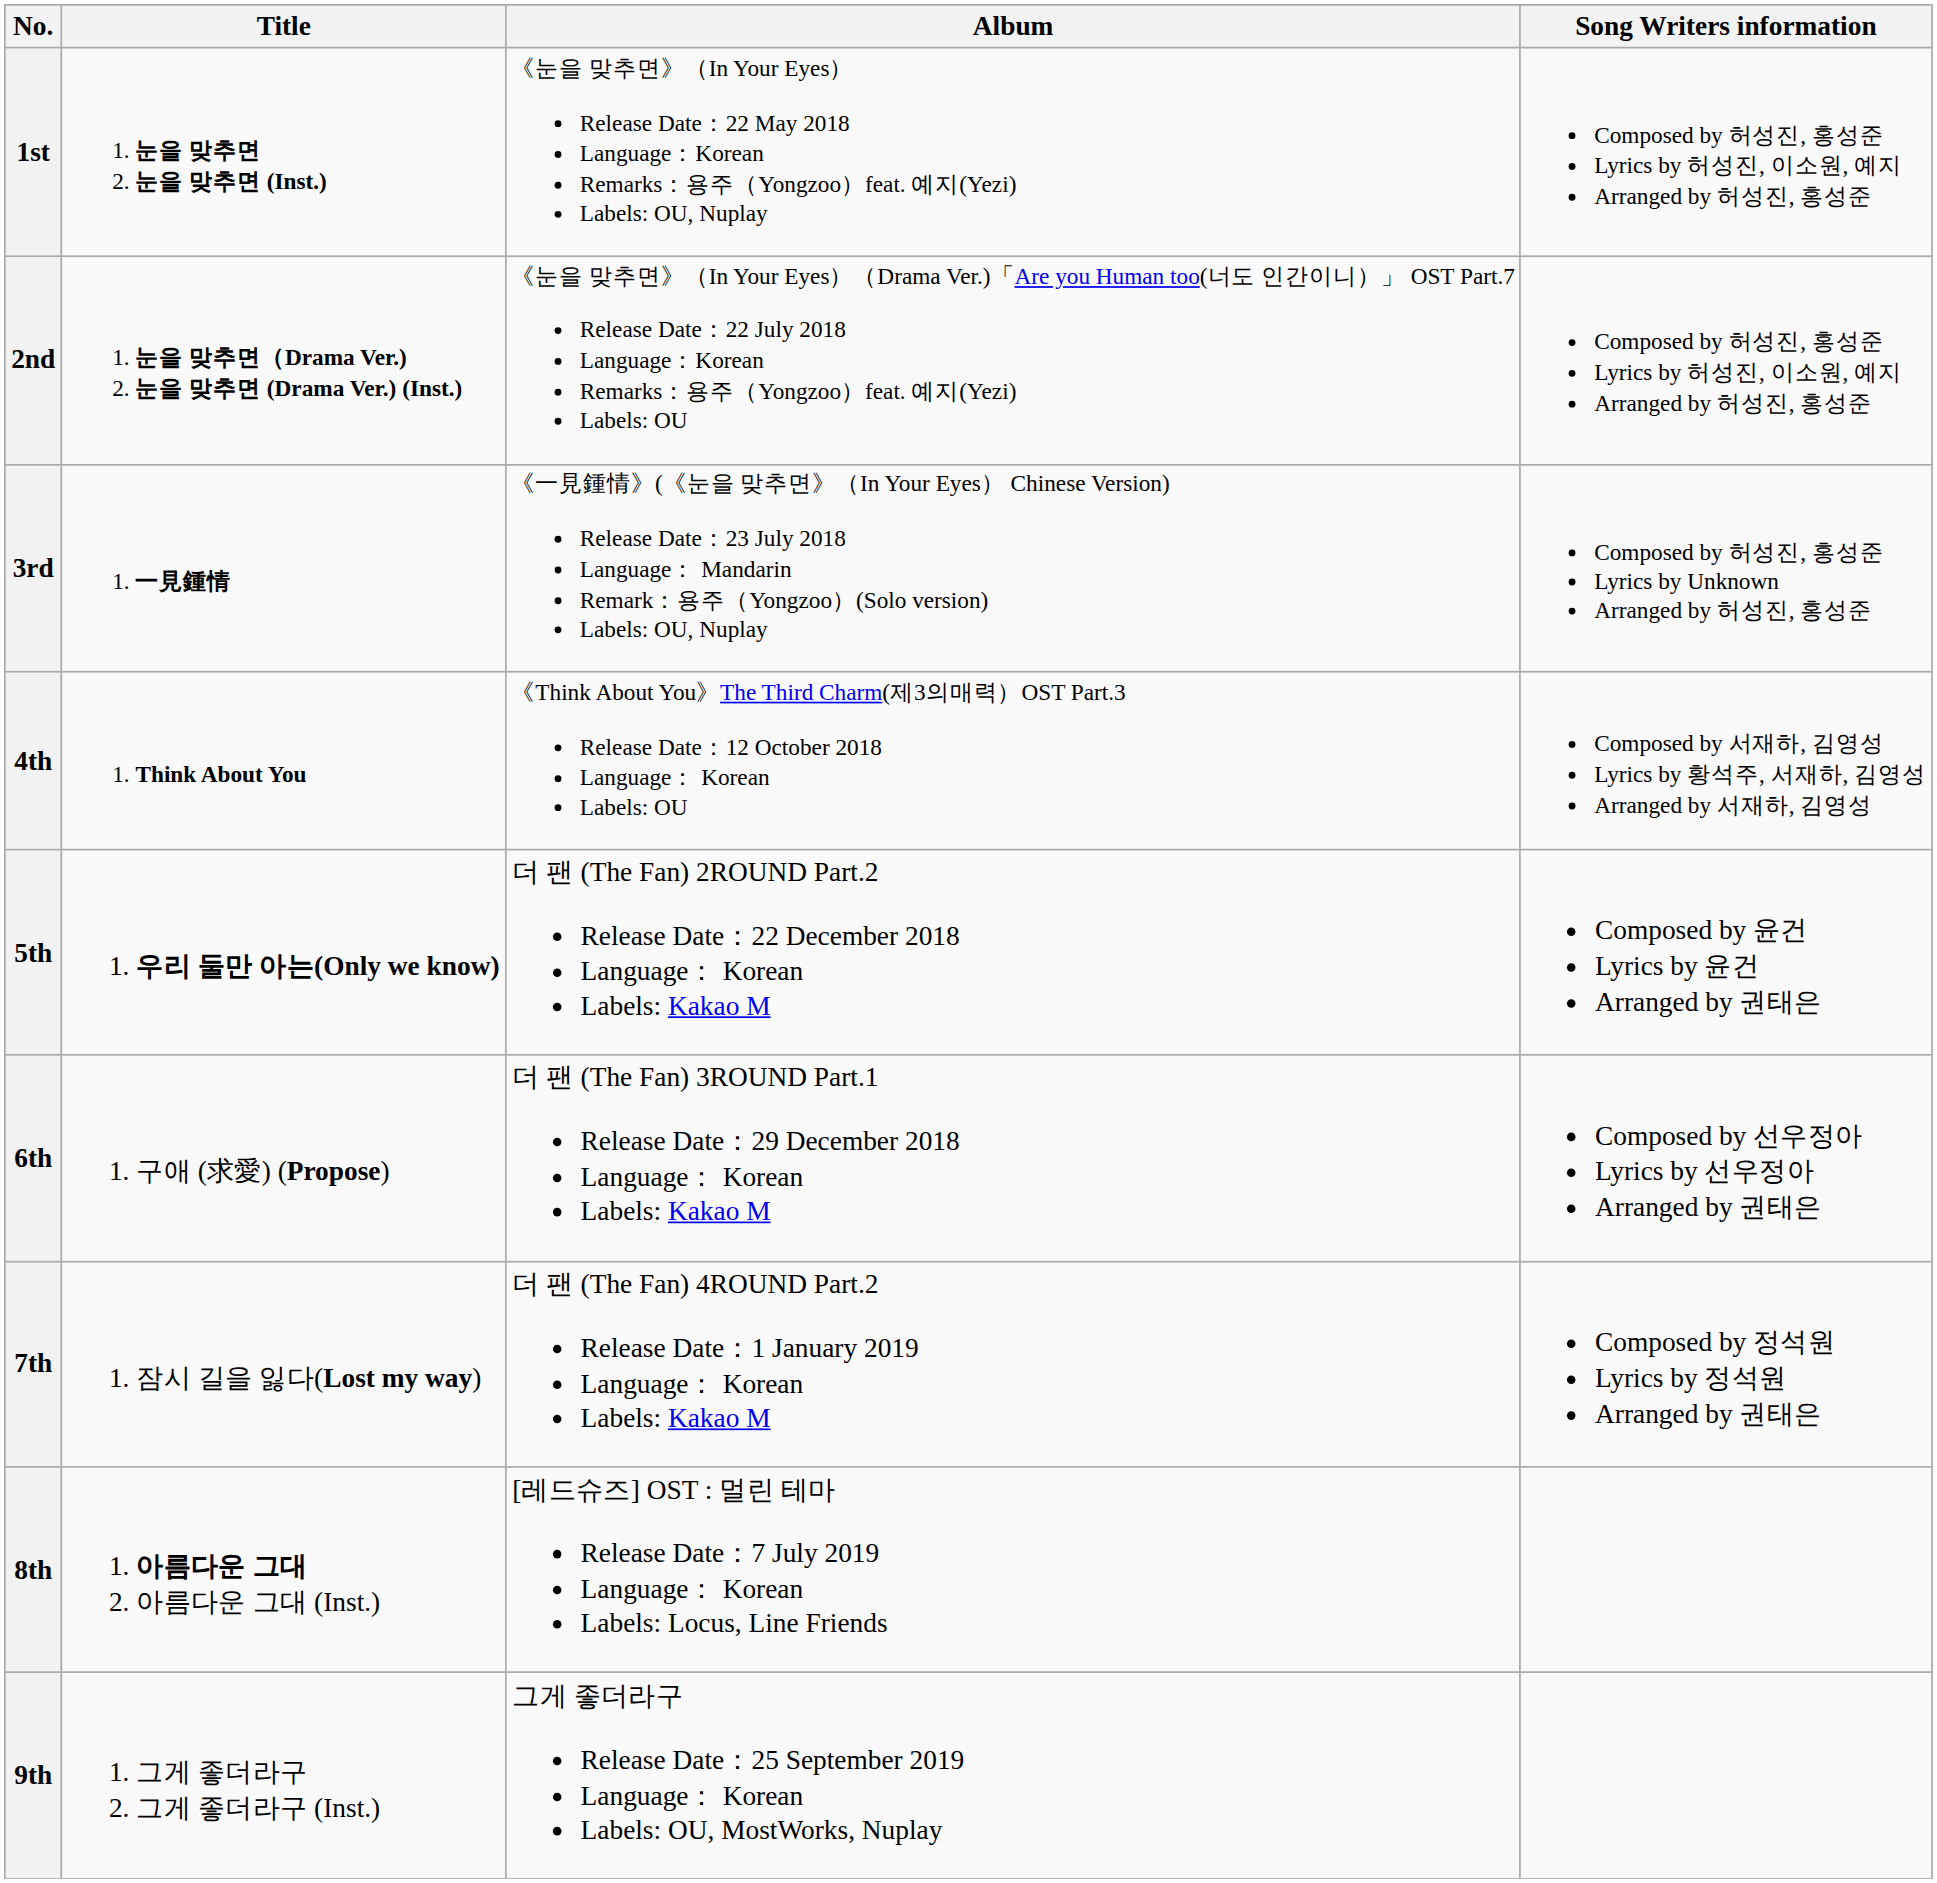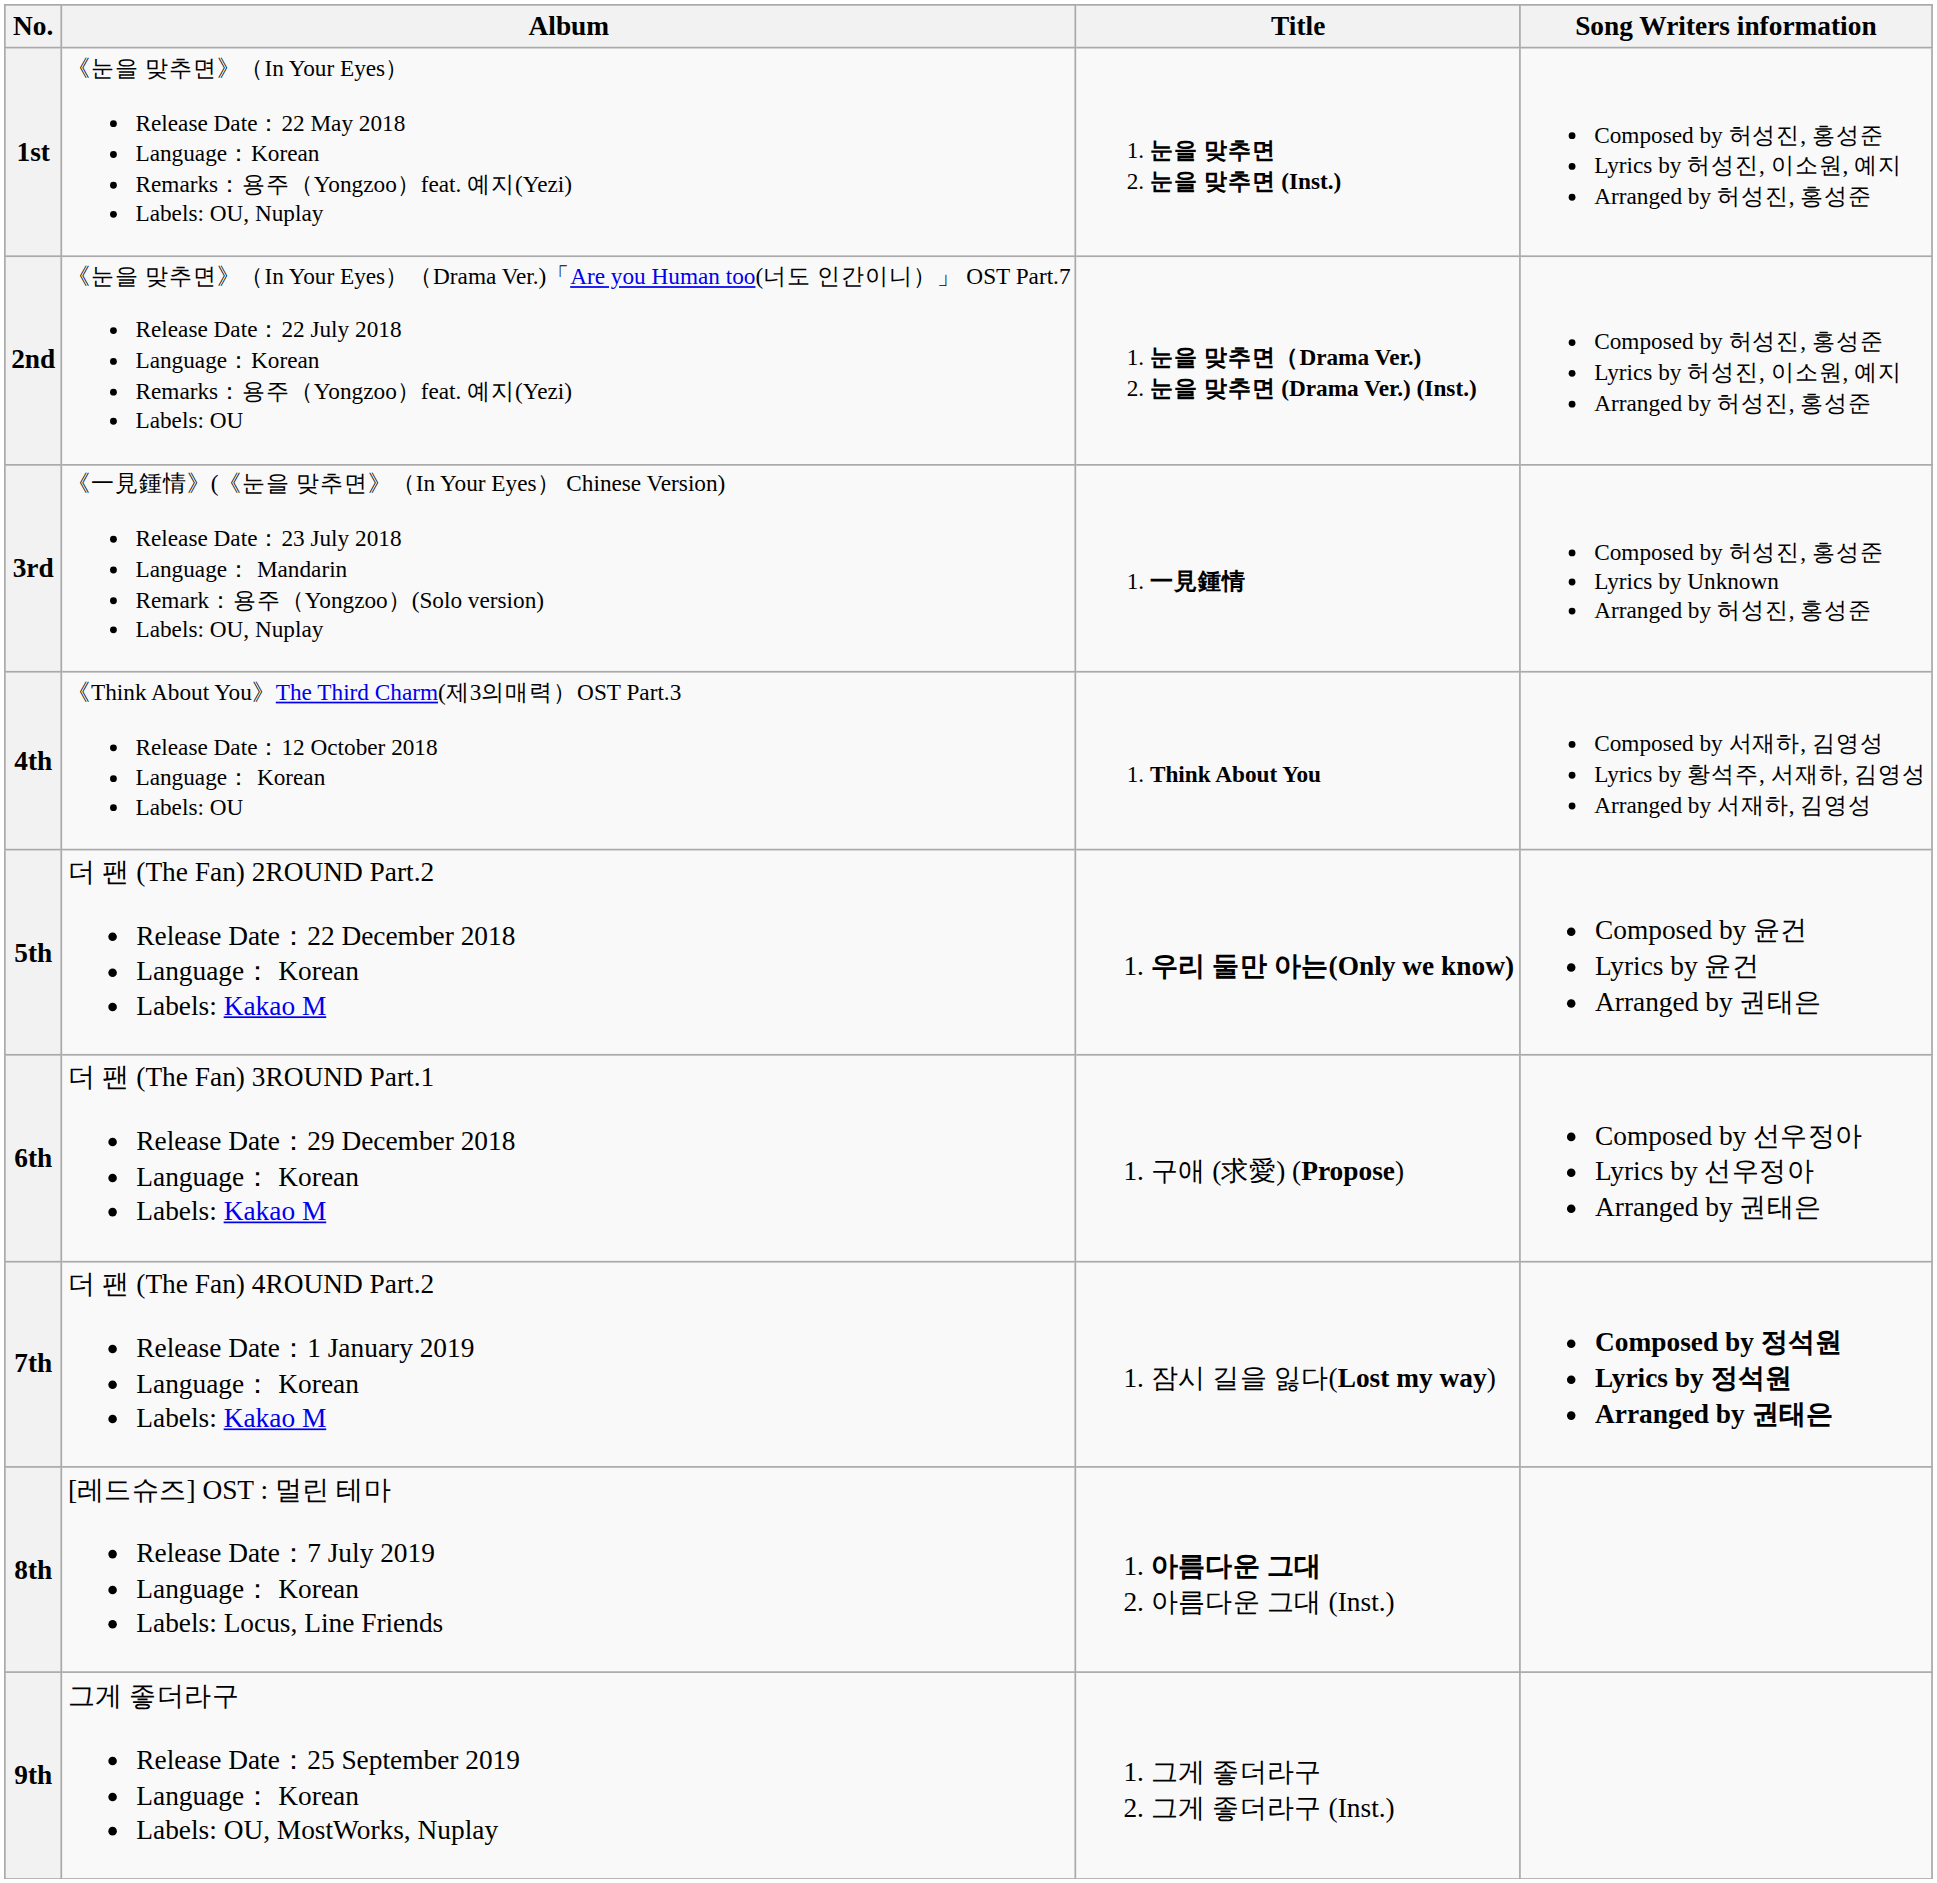 <table class="wikitable">
 <tr>
 <th>No.</th>
+<th>Album</th>
 <th>Title</th>
-<th>Album</th>
 <th>Song Writers information</th>
 </tr>
 <tr>
 <th><strong>1st</strong></th>
+<td align="left" style="font-size: 85%;">《눈을 맞추면》（In Your Eyes）<br><ul><li>Release Date：22 May 2018</li><li>Language：Korean</li><li>Remarks：용주（Yongzoo）feat. 예지(Yezi)</li><li>Labels: OU, Nuplay</li></ul></td>
 <td align="left" style="font-size: 85%;"><br><ol><li><strong> 눈을 맞추면</strong></li><li><strong>눈을 맞추면 (Inst.) </strong></li></ol></td>
-<td align="left" style="font-size: 85%;">《눈을 맞추면》（In Your Eyes）<br><ul><li>Release Date：22 May 2018</li><li>Language：Korean</li><li>Remarks：용주（Yongzoo）feat. 예지(Yezi)</li><li>Labels: OU, Nuplay</li></ul></td>
 <td align="left" style="font-size: 85%;"><br><ul><li>Composed by 허성진, 홍성준</li><li>Lyrics by 허성진, 이소원, 예지</li><li>Arranged by 허성진, 홍성준</li></ul></td>
 </tr>
 <tr>
 <th><strong>2nd</strong></th>
+<td align="left" style="font-size: 85%;">《눈을 맞추면》（In Your Eyes）（Drama Ver.)「<a href='#'>Are you Human too</a>(너도 인간이니）」 OST Part.7<br><ul><li>Release Date：22 July 2018</li><li>Language：Korean</li><li>Remarks：용주（Yongzoo）feat. 예지(Yezi)</li><li>Labels: OU</li></ul></td>
 <td align="left" style="font-size: 85%;"><br><ol><li><strong> 눈을 맞추면（Drama Ver.)</strong></li><li><strong>눈을 맞추면 (Drama Ver.) (Inst.) </strong></li></ol></td>
-<td align="left" style="font-size: 85%;">《눈을 맞추면》（In Your Eyes）（Drama Ver.)「<a href='#'>Are you Human too</a>(너도 인간이니）」 OST Part.7<br><ul><li>Release Date：22 July 2018</li><li>Language：Korean</li><li>Remarks：용주（Yongzoo）feat. 예지(Yezi)</li><li>Labels: OU</li></ul></td>
 <td align="left" style="font-size: 85%;"><br><ul><li>Composed by 허성진, 홍성준</li><li>Lyrics by 허성진, 이소원, 예지</li><li>Arranged by 허성진, 홍성준</li></ul></td>
 </tr>
 <tr>
 <th><strong>3rd</strong></th>
+<td align="left" style="font-size: 85%;">《一見鍾情》(《눈을 맞추면》（In Your Eyes） Chinese Version)<br><ul><li>Release Date：23 July 2018</li><li>Language： Mandarin</li><li>Remark：용주（Yongzoo）(Solo version)</li><li>Labels: OU, Nuplay</li></ul></td>
 <td align="left" style="font-size: 85%;"><br><ol><li><strong> 一見鍾情</strong></li></ol></td>
-<td align="left" style="font-size: 85%;">《一見鍾情》(《눈을 맞추면》（In Your Eyes） Chinese Version)<br><ul><li>Release Date：23 July 2018</li><li>Language： Mandarin</li><li>Remark：용주（Yongzoo）(Solo version)</li><li>Labels: OU, Nuplay</li></ul></td>
 <td align="left" style="font-size: 85%;"><br><ul><li>Composed by 허성진, 홍성준</li><li>Lyrics by Unknown</li><li>Arranged by 허성진, 홍성준</li></ul></td>
 </tr>
 <tr>
 <th><strong>4th</strong></th>
+<td align="left" style="font-size: 85%;">《Think About You》<a href='#'>The Third Charm</a>(제3의매력）OST Part.3<br><ul><li>Release Date：12 October 2018</li><li>Language： Korean</li><li>Labels: OU</li></ul></td>
 <td align="left" style="font-size: 85%;"><br><ol><li><strong> Think About You</strong></li></ol></td>
-<td align="left" style="font-size: 85%;">《Think About You》<a href='#'>The Third Charm</a>(제3의매력）OST Part.3<br><ul><li>Release Date：12 October 2018</li><li>Language： Korean</li><li>Labels: OU</li></ul></td>
 <td align="left" style="font-size: 85%;"><br><ul><li>Composed by 서재하, 김영성</li><li>Lyrics by 황석주, 서재하, 김영성</li><li>Arranged by 서재하, 김영성</li></ul></td>
 </tr>
 <tr>
 <th><strong>5th</strong></th>
+<td>더 팬 (The Fan) 2ROUND Part.2<br><ul><li>Release Date：22 December 2018</li><li>Language： Korean</li><li>Labels: <a href='#'>Kakao M</a></li></ul></td>
 <td><br><ol><li><strong>우리 둘만 아는(Only we know)</strong></li></ol></td>
-<td>더 팬 (The Fan) 2ROUND Part.2<br><ul><li>Release Date：22 December 2018</li><li>Language： Korean</li><li>Labels: <a href='#'>Kakao M</a></li></ul></td>
 <td><br><ul><li>Composed by 윤건</li><li>Lyrics by 윤건</li><li>Arranged by 권태은</li></ul></td>
 </tr>
 <tr>
 <th><strong>6th</strong></th>
+<td>더 팬 (The Fan) 3ROUND Part.1<br><ul><li>Release Date：29 December 2018</li><li>Language： Korean</li><li>Labels: <a href='#'>Kakao M</a></li></ul></td>
 <td><br><ol><li>구애 (求愛) (<strong>Propose</strong>)</li></ol></td>
-<td>더 팬 (The Fan) 3ROUND Part.1<br><ul><li>Release Date：29 December 2018</li><li>Language： Korean</li><li>Labels: <a href='#'>Kakao M</a></li></ul></td>
 <td><br><ul><li>Composed by 선우정아</li><li>Lyrics by 선우정아</li><li>Arranged by 권태은</li></ul></td>
 </tr>
 <tr>
 <th><strong>7th</strong></th>
+<td>더 팬 (The Fan) 4ROUND Part.2<br><ul><li>Release Date：1 January 2019</li><li>Language： Korean</li><li>Labels: <a href='#'>Kakao M</a></li></ul></td>
 <td><br><ol><li>잠시 길을 잃다(<strong>Lost my way</strong>)</li></ol></td>
-<td>더 팬 (The Fan) 4ROUND Part.2<br><ul><li>Release Date：1 January 2019</li><li>Language： Korean</li><li>Labels: <a href='#'>Kakao M</a></li></ul></td>
-<td><br><ul><li>Composed by 정석원</li><li>Lyrics by 정석원</li><li>Arranged by 권태은</li></ul></td>
+<td><strong><br><ul><li>Composed by 정석원</li><li>Lyrics by 정석원</li><li>Arranged by 권태은</li></ul></strong></td>
 </tr>
 <tr>
 <th><strong>8th</strong></th>
+<td>[레드슈즈] OST : 멀린 테마<br><ul><li>Release Date：7 July 2019</li><li>Language： Korean</li><li>Labels: Locus, Line Friends</li></ul></td>
 <td><br><ol><li><strong>아름다운 그대</strong></li><li>아름다운 그대 (Inst.)</li></ol></td>
-<td>[레드슈즈] OST : 멀린 테마<br><ul><li>Release Date：7 July 2019</li><li>Language： Korean</li><li>Labels: Locus, Line Friends</li></ul></td>
 <td></td>
 </tr>
 <tr>
 <th><strong>9th</strong></th>
+<td>그게 좋더라구<br><ul><li>Release Date：25 September 2019</li><li>Language： Korean</li><li>Labels:  OU, MostWorks, Nuplay</li></ul></td>
 <td><br><ol><li>그게 좋더라구</li><li>그게 좋더라구 (Inst.)</li></ol></td>
-<td>그게 좋더라구<br><ul><li>Release Date：25 September 2019</li><li>Language： Korean</li><li>Labels:  OU, MostWorks, Nuplay</li></ul></td>
 <td></td>
 </tr>
 </table>
